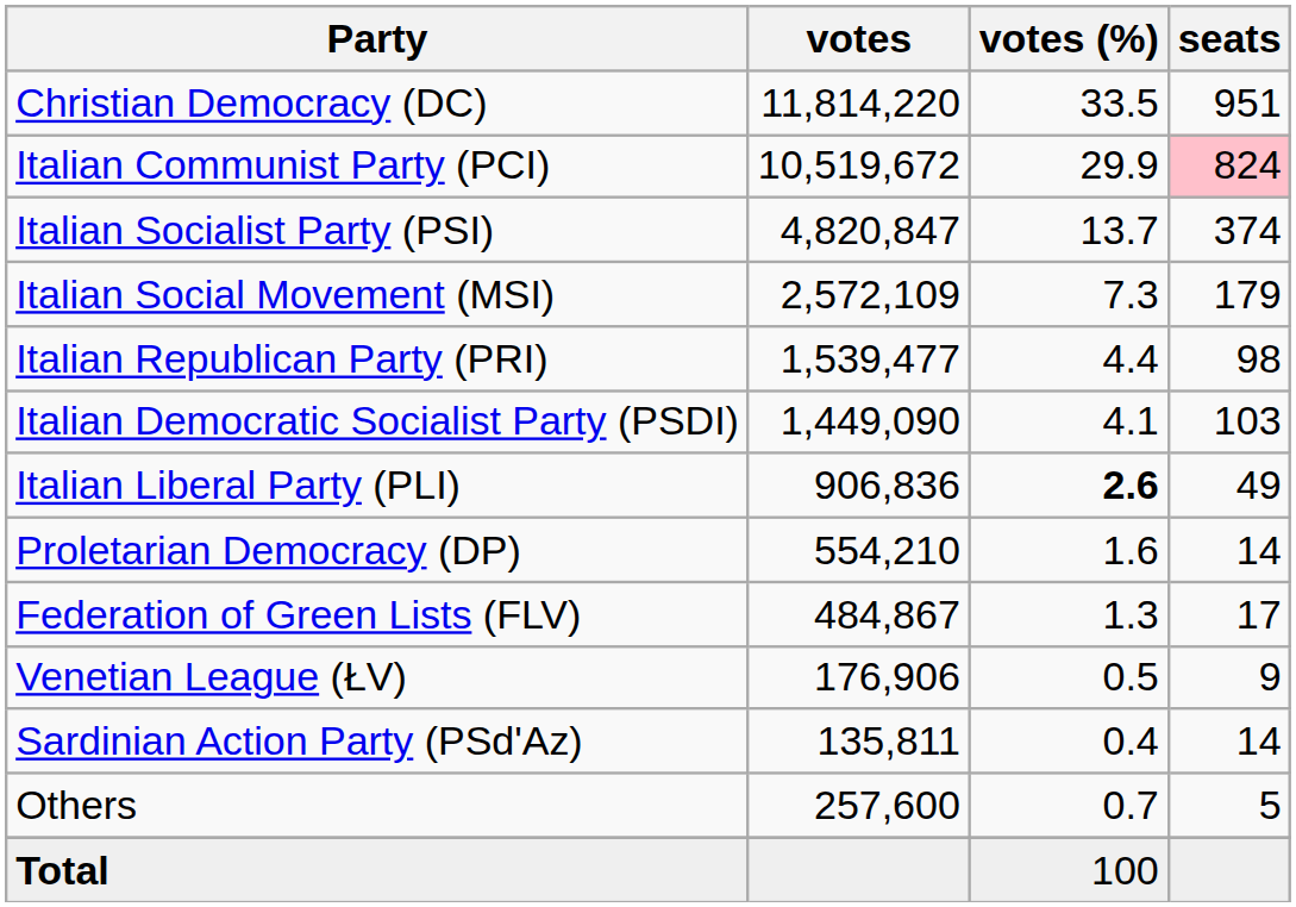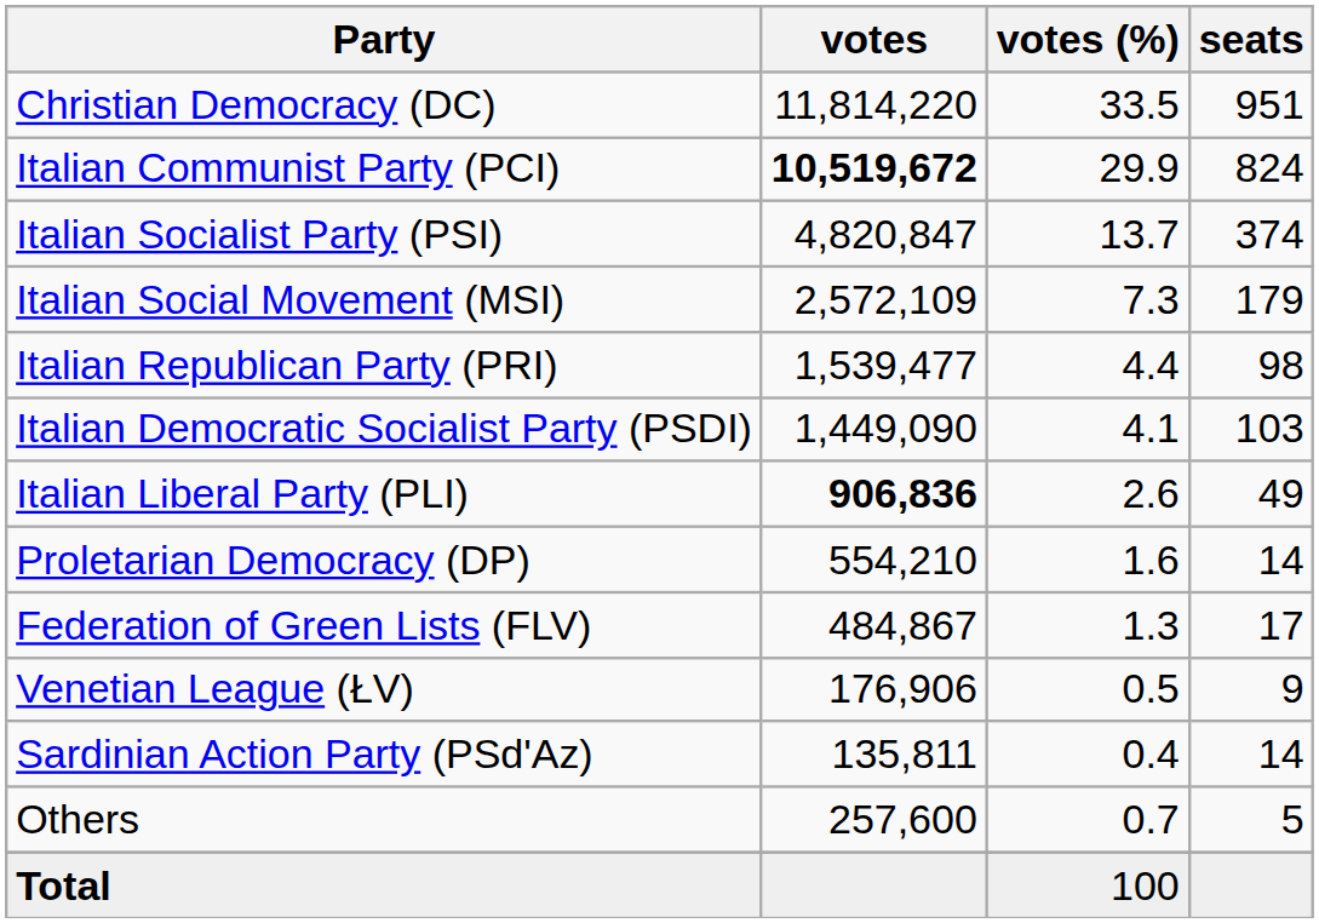 <table class="wikitable" style="font-size: 90%;">
 <tr bgcolor="EFEFEF">
 <th>Party</th>
 <th>votes</th>
 <th>votes (%)</th>
 <th>seats</th>
 </tr>
 <tr>
 <td><a href='#'>Christian Democracy</a> (DC)</td>
 <td align=right>11,814,220</td>
 <td align=right>33.5</td>
 <td align=right>951</td>
 </tr>
 <tr>
 <td><a href='#'>Italian Communist Party</a> (PCI)</td>
-<td align=right>10,519,672</td>
+<td align=right><strong>10,519,672</strong></td>
 <td align=right>29.9</td>
-<td align=right style="background: pink;">824</td>
+<td align=right>824</td>
 </tr>
 <tr>
 <td><a href='#'>Italian Socialist Party</a> (PSI)</td>
 <td align=right>4,820,847</td>
 <td align=right>13.7</td>
 <td align=right>374</td>
 </tr>
 <tr>
 <td><a href='#'>Italian Social Movement</a> (MSI)</td>
 <td align=right>2,572,109</td>
 <td align=right>7.3</td>
 <td align=right>179</td>
 </tr>
 <tr>
 <td><a href='#'>Italian Republican Party</a> (PRI)</td>
 <td align=right>1,539,477</td>
 <td align=right>4.4</td>
 <td align=right>98</td>
 </tr>
 <tr>
 <td><a href='#'>Italian Democratic Socialist Party</a> (PSDI)</td>
 <td align=right>1,449,090</td>
 <td align=right>4.1</td>
 <td align=right>103</td>
 </tr>
 <tr>
 <td><a href='#'>Italian Liberal Party</a> (PLI)</td>
-<td align=right>906,836</td>
-<td align=right><strong>2.6</strong></td>
+<td align=right><strong>906,836</strong></td>
+<td align=right>2.6</td>
 <td align=right>49</td>
 </tr>
 <tr>
 <td><a href='#'>Proletarian Democracy</a> (DP)</td>
 <td align=right>554,210</td>
 <td align=right>1.6</td>
 <td align=right>14</td>
 </tr>
 <tr>
 <td><a href='#'>Federation of Green Lists</a> (FLV)</td>
 <td align=right>484,867</td>
 <td align=right>1.3</td>
 <td align=right>17</td>
 </tr>
 <tr>
 <td><a href='#'>Venetian League</a> (ŁV)</td>
 <td align=right>176,906</td>
 <td align=right>0.5</td>
 <td align=right>9</td>
 </tr>
 <tr>
 <td><a href='#'>Sardinian Action Party</a> (PSd'Az)</td>
 <td align=right>135,811</td>
 <td align=right>0.4</td>
 <td align=right>14</td>
 </tr>
 <tr>
 <td>Others</td>
 <td align=right>257,600</td>
 <td align=right>0.7</td>
 <td align=right>5</td>
 </tr>
 <tr>
 </tr>
 <tr bgcolor="EFEFEF">
 <td align=left><strong>Total</strong></td>
 <td align=right></td>
 <td align=right>100</td>
 <td align=right></td>
 </tr>
 </table>
